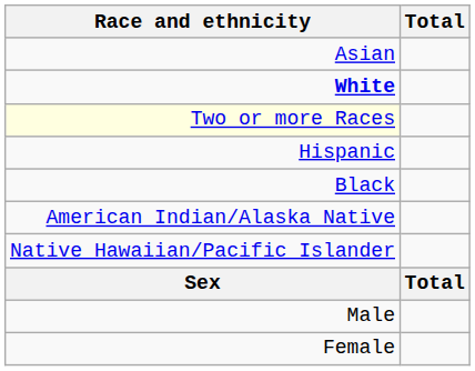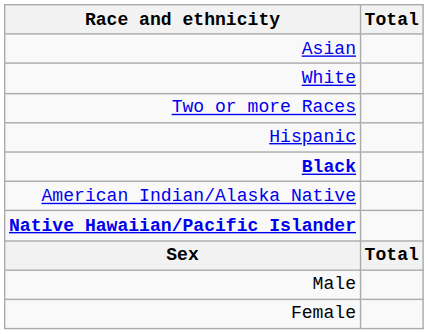 <table class="wikitable sortable collapsible floatright"; style="text-align:right">
 <tr>
 <th>Race and ethnicity</th>
 <th colspan="2" data-sort-type=number>Total</th>
 </tr>
 <tr>
 <td><a href='#'>Asian</a></td>
 <td align=right></td>
 </tr>
 <tr>
-<td><strong><a href='#'>White</a></strong></td>
+<td><a href='#'>White</a></td>
 <td align=right></td>
 </tr>
 <tr>
-<td style="background: lightyellow;"><a href='#'>Two or more Races</a></td>
+<td><a href='#'>Two or more Races</a></td>
 <td align=right></td>
 </tr>
 <tr>
 <td><a href='#'>Hispanic</a></td>
 <td align=right></td>
 </tr>
 <tr>
-<td><a href='#'>Black</a></td>
+<td><strong><a href='#'>Black</a></strong></td>
 <td align=right></td>
 </tr>
 <tr>
 <td><a href='#'>American Indian/Alaska Native</a></td>
 <td align=right></td>
 </tr>
 <tr>
-<td><a href='#'>Native Hawaiian/Pacific Islander</a></td>
+<td><strong><a href='#'>Native Hawaiian/Pacific Islander</a></strong></td>
 <td align=right></td>
 </tr>
 <tr>
 <th>Sex</th>
 <th colspan="2" data-sort-type=number>Total</th>
 </tr>
 <tr>
 <td>Male</td>
 <td align=right></td>
 </tr>
 <tr>
 <td>Female</td>
 <td align=right></td>
 </tr>
 </table>
